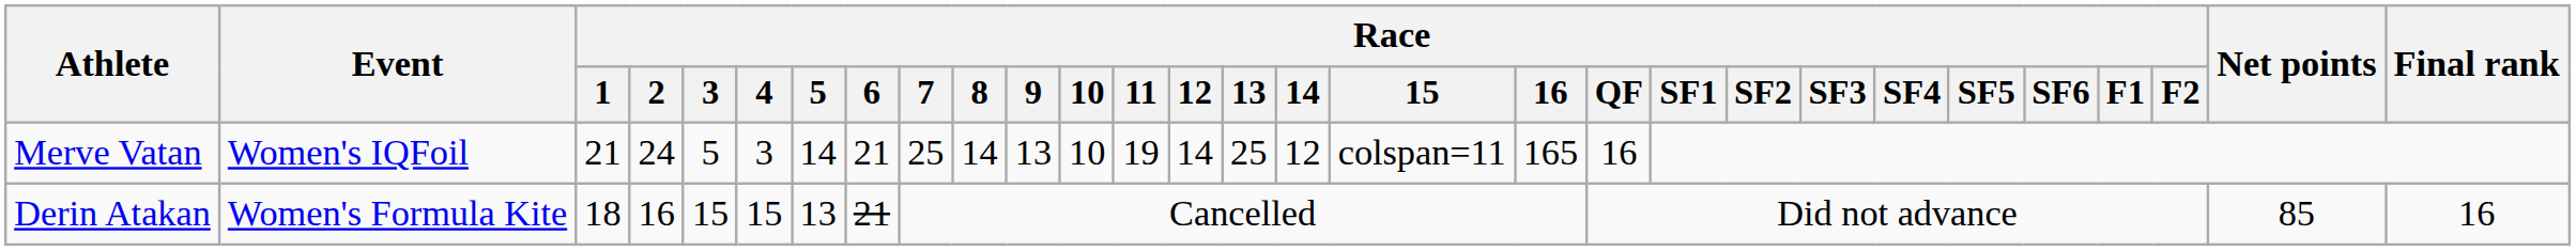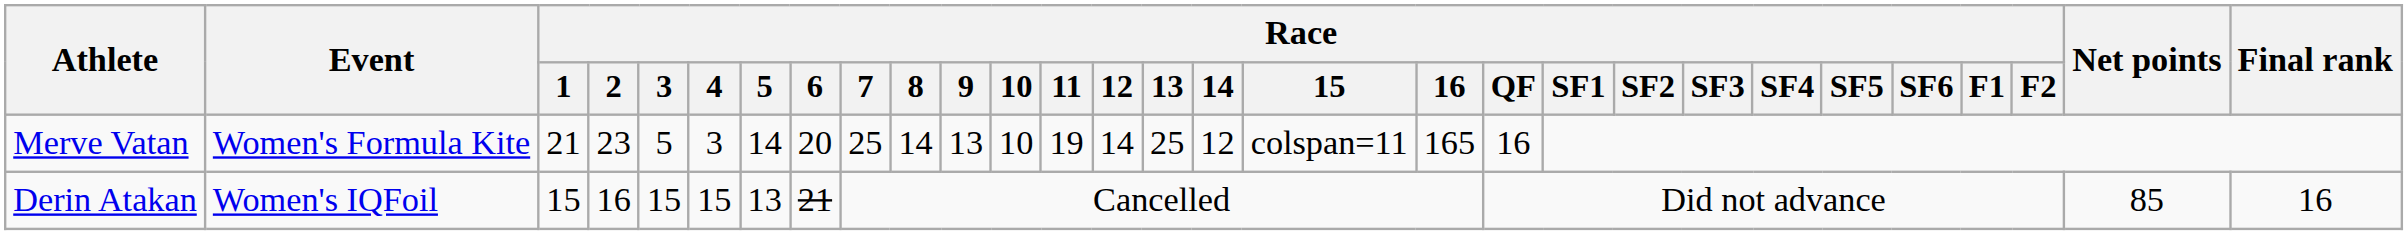 <table class="wikitable" style="font-size:90%">
 <tr>
 <th rowspan="2">Athlete</th>
 <th rowspan="2">Event</th>
 <th colspan=25>Race</th>
 <th rowspan=2>Net points</th>
 <th rowspan=2>Final rank</th>
 </tr>
 <tr style="font-size:95%">
 <th>1</th>
 <th>2</th>
 <th>3</th>
 <th>4</th>
 <th>5</th>
 <th>6</th>
 <th>7</th>
 <th>8</th>
 <th>9</th>
 <th>10</th>
 <th>11</th>
 <th>12</th>
 <th>13</th>
 <th>14</th>
 <th>15</th>
 <th>16</th>
 <th>QF</th>
 <th>SF1</th>
 <th>SF2</th>
 <th>SF3</th>
 <th>SF4</th>
 <th>SF5</th>
 <th>SF6</th>
 <th>F1</th>
 <th>F2</th>
 </tr>
 <tr align=center>
 <td align=left><a href='#'>Merve Vatan</a></td>
-<td align=left><a href='#'>Women's IQFoil</a></td>
+<td align=left><a href='#'>Women's Formula Kite</a></td>
 <td>21</td>
-<td>24</td>
+<td>23</td>
 <td>5</td>
 <td>3</td>
 <td>14</td>
-<td>21</td>
+<td>20</td>
 <td>25</td>
 <td>14</td>
 <td>13</td>
 <td>10</td>
 <td>19</td>
 <td>14</td>
 <td>25</td>
 <td>12</td>
 <td>colspan=11 </td>
 <td>165</td>
 <td>16</td>
 </tr>
 <tr align=center>
 <td align=left><a href='#'>Derin Atakan</a></td>
-<td align=left><a href='#'>Women's Formula Kite</a></td>
-<td>18</td>
+<td align=left><a href='#'>Women's IQFoil</a></td>
+<td>15</td>
 <td>16</td>
 <td>15</td>
 <td>15</td>
 <td>13</td>
 <td><s>21</s></td>
 <td Colspan=10>Cancelled</td>
 <td colspan=9>Did not advance</td>
 <td>85</td>
 <td>16</td>
 </tr>
 </table>
